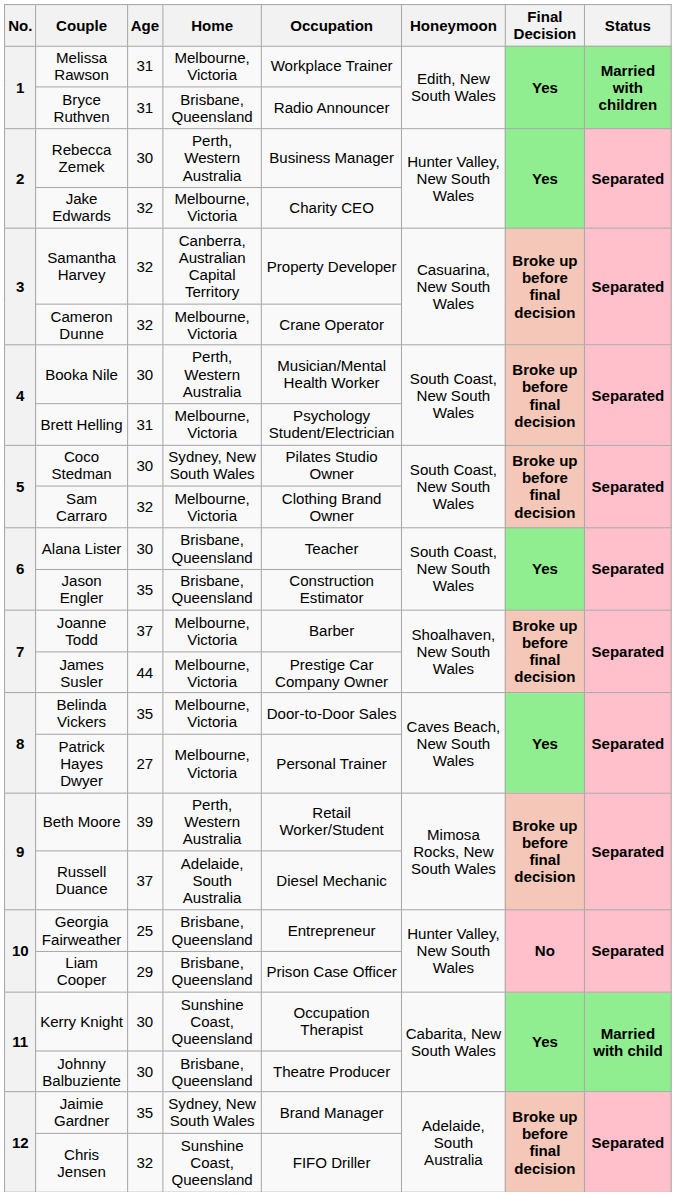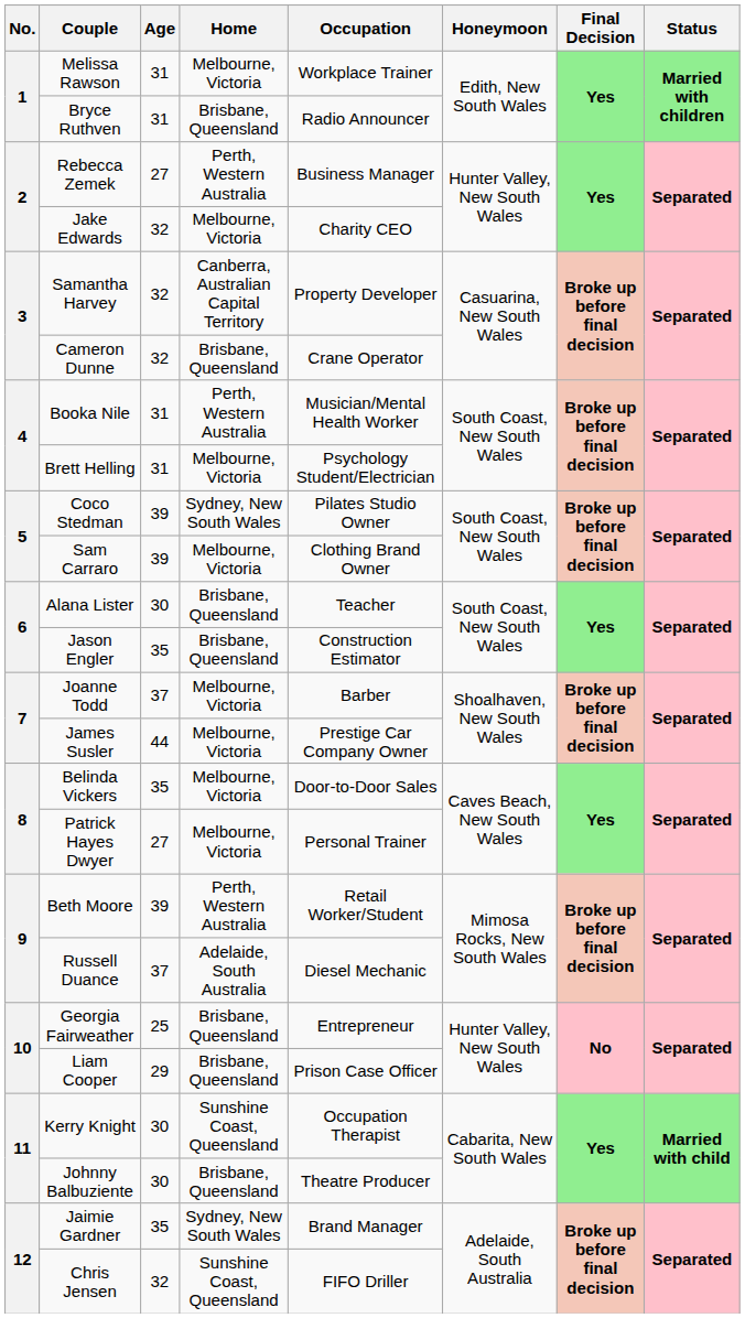 <table class="wikitable plainrowheaders" style="text-align:center; width:100%; font-size:88%;">
 <tr>
 <th width=25>No.</th>
 <th width=130>Couple</th>
 <th width=25>Age</th>
 <th width=210>Home</th>
 <th width=210>Occupation</th>
 <th width=200>Honeymoon</th>
 <th width=180>Final Decision</th>
 <th width=150>Status</th>
 </tr>
 <tr>
 <th rowspan="2">1</th>
 <td>Melissa Rawson</td>
 <td>31</td>
 <td>Melbourne, Victoria</td>
 <td>Workplace Trainer</td>
 <td rowspan="2">Edith, New South Wales</td>
 <th rowspan="2" style="background:lightgreen">Yes</th>
 <th rowspan="2" style="background:lightgreen;">Married with children</th>
 </tr>
 <tr>
 <td>Bryce Ruthven</td>
 <td>31</td>
 <td>Brisbane, Queensland</td>
 <td>Radio Announcer</td>
 </tr>
 <tr>
 <th rowspan="2">2</th>
 <td>Rebecca Zemek</td>
-<td>30</td>
+<td>27</td>
 <td>Perth, Western Australia</td>
 <td>Business Manager</td>
 <td rowspan="2">Hunter Valley, New South Wales</td>
 <th rowspan="2" style="background:lightgreen">Yes</th>
 <th rowspan="2" style="background:pink;">Separated</th>
 </tr>
 <tr>
 <td>Jake Edwards</td>
 <td>32</td>
 <td>Melbourne, Victoria</td>
 <td>Charity CEO</td>
 </tr>
 <tr>
 <th rowspan="2">3</th>
 <td>Samantha Harvey</td>
 <td>32</td>
 <td>Canberra, Australian Capital Territory</td>
 <td>Property Developer</td>
 <td rowspan="2">Casuarina, New South Wales</td>
 <th rowspan="2" style="background:#f4c7b8;">Broke up before final decision</th>
 <th rowspan="2" style="background:pink;">Separated</th>
 </tr>
 <tr>
 <td>Cameron Dunne</td>
 <td>32</td>
-<td>Melbourne, Victoria</td>
+<td>Brisbane, Queensland</td>
 <td>Crane Operator</td>
 </tr>
 <tr>
 <th rowspan="2">4</th>
 <td>Booka Nile</td>
-<td>30</td>
+<td>31</td>
 <td>Perth, Western Australia</td>
 <td>Musician/Mental Health Worker</td>
 <td rowspan="2">South Coast, New South Wales</td>
 <th rowspan="2" style="background:#f4c7b8;">Broke up before final decision</th>
 <th rowspan="2" style="background:pink;">Separated</th>
 </tr>
 <tr>
 <td>Brett Helling</td>
 <td>31</td>
 <td>Melbourne, Victoria</td>
 <td>Psychology Student/Electrician</td>
 </tr>
 <tr>
 <th rowspan="2">5</th>
 <td>Coco Stedman</td>
-<td>30</td>
+<td>39</td>
 <td>Sydney, New South Wales</td>
 <td>Pilates Studio Owner</td>
 <td rowspan="2">South Coast, New South Wales</td>
 <th rowspan="2" style="background:#f4c7b8;">Broke up before final decision</th>
 <th rowspan="2" style="background:pink;">Separated</th>
 </tr>
 <tr>
 <td>Sam Carraro</td>
-<td>32</td>
+<td>39</td>
 <td>Melbourne, Victoria</td>
 <td>Clothing Brand Owner</td>
 </tr>
 <tr>
 <th rowspan="2">6</th>
 <td>Alana Lister</td>
 <td>30</td>
 <td>Brisbane, Queensland</td>
 <td>Teacher</td>
 <td rowspan="2">South Coast, New South Wales</td>
 <th rowspan="2" style="background:lightgreen">Yes</th>
 <th rowspan="2" style="background:pink;">Separated</th>
 </tr>
 <tr>
 <td>Jason Engler</td>
 <td>35</td>
 <td>Brisbane, Queensland</td>
 <td>Construction Estimator</td>
 </tr>
 <tr>
 <th rowspan="2">7</th>
 <td>Joanne Todd</td>
 <td>37</td>
 <td>Melbourne, Victoria</td>
 <td>Barber</td>
 <td rowspan="2">Shoalhaven, New South Wales</td>
 <th rowspan="2" style="background:#f4c7b8;">Broke up before final decision</th>
 <th rowspan="2" style="background:pink;">Separated</th>
 </tr>
 <tr>
 <td>James Susler</td>
 <td>44</td>
 <td>Melbourne, Victoria</td>
 <td>Prestige Car Company Owner</td>
 </tr>
 <tr>
 <th rowspan="2">8</th>
 <td>Belinda Vickers</td>
 <td>35</td>
 <td>Melbourne, Victoria</td>
 <td>Door-to-Door Sales</td>
 <td rowspan="2">Caves Beach, New South Wales</td>
 <th rowspan="2" style="background:lightgreen">Yes</th>
 <th rowspan="2" style="background:pink;">Separated</th>
 </tr>
 <tr>
 <td>Patrick Hayes Dwyer</td>
 <td>27</td>
 <td>Melbourne, Victoria</td>
 <td>Personal Trainer</td>
 </tr>
 <tr>
 <th rowspan="2">9</th>
 <td>Beth Moore</td>
 <td>39</td>
 <td>Perth, Western Australia</td>
 <td>Retail Worker/Student</td>
 <td rowspan="2">Mimosa Rocks, New South Wales</td>
 <th rowspan="2" style="background:#f4c7b8;">Broke up before final decision</th>
 <th rowspan="2" style="background:pink;">Separated</th>
 </tr>
 <tr>
 <td>Russell Duance</td>
 <td>37</td>
 <td>Adelaide, South Australia</td>
 <td>Diesel Mechanic</td>
 </tr>
 <tr>
 <th rowspan="2">10</th>
 <td>Georgia Fairweather</td>
 <td>25</td>
 <td>Brisbane, Queensland</td>
 <td>Entrepreneur</td>
 <td rowspan="2">Hunter Valley, New South Wales</td>
 <th rowspan="2" style="background:pink;">No</th>
 <th rowspan="2" style="background:pink;">Separated</th>
 </tr>
 <tr>
 <td>Liam Cooper</td>
 <td>29</td>
 <td>Brisbane, Queensland</td>
 <td>Prison Case Officer</td>
 </tr>
 <tr>
 <th rowspan="2">11</th>
 <td>Kerry Knight</td>
 <td>30</td>
 <td>Sunshine Coast, Queensland</td>
 <td>Occupation Therapist</td>
 <td rowspan="2">Cabarita, New South Wales</td>
 <th rowspan="2" style="background:lightgreen">Yes</th>
 <th rowspan="2" style="background:lightgreen;">Married with child</th>
 </tr>
 <tr>
 <td>Johnny Balbuziente</td>
 <td>30</td>
 <td>Brisbane, Queensland</td>
 <td>Theatre Producer</td>
 </tr>
 <tr>
 <th rowspan="2">12</th>
 <td>Jaimie Gardner</td>
 <td>35</td>
 <td>Sydney, New South Wales</td>
 <td>Brand Manager</td>
 <td rowspan="2">Adelaide, South Australia</td>
 <th rowspan="2" style="background:#f4c7b8;">Broke up before final decision</th>
 <th rowspan="2" style="background:pink;">Separated</th>
 </tr>
 <tr>
 <td>Chris Jensen</td>
 <td>32</td>
 <td>Sunshine Coast, Queensland</td>
 <td>FIFO Driller</td>
 </tr>
 </table>
